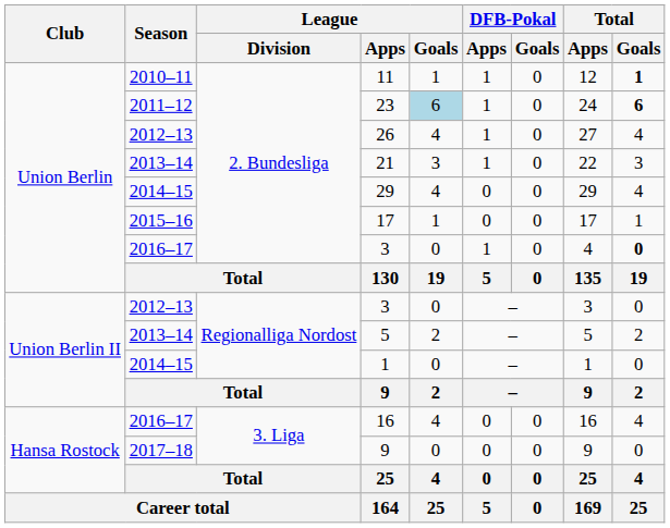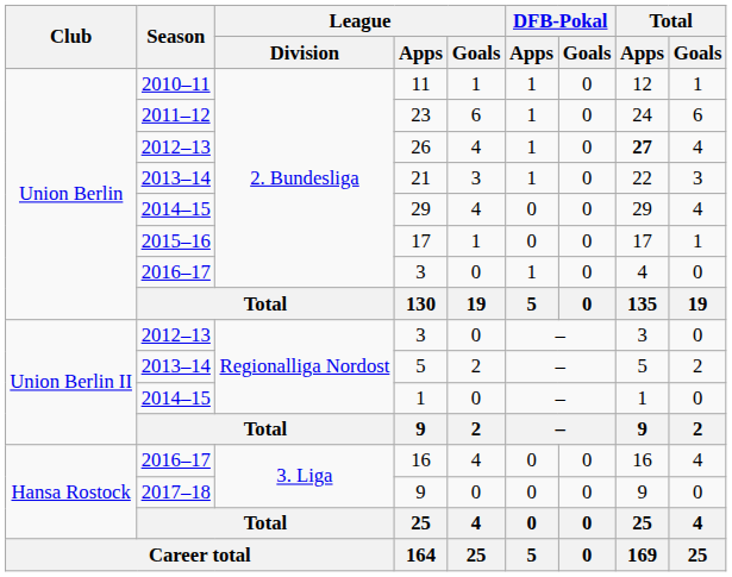 <table class="wikitable" style="text-align:center">
 <tr>
 <th rowspan=2>Club</th>
 <th rowspan=2>Season</th>
 <th colspan=3>League</th>
 <th colspan=2><a href='#'>DFB-Pokal</a></th>
 <th colspan=2>Total</th>
 </tr>
 <tr>
 <th>Division</th>
 <th>Apps</th>
 <th>Goals</th>
 <th>Apps</th>
 <th>Goals</th>
 <th>Apps</th>
 <th>Goals</th>
 </tr>
 <tr>
 <td rowspan="8"><a href='#'>Union Berlin</a></td>
 <td><a href='#'>2010–11</a></td>
 <td rowspan="7"><a href='#'>2. Bundesliga</a></td>
 <td>11</td>
 <td>1</td>
 <td>1</td>
 <td>0</td>
 <td>12</td>
-<td><strong>1</strong></td>
+<td>1</td>
 </tr>
 <tr>
 <td><a href='#'>2011–12</a></td>
 <td>23</td>
-<td style="background: lightblue;">6</td>
+<td>6</td>
 <td>1</td>
 <td>0</td>
 <td>24</td>
-<td><strong>6</strong></td>
+<td>6</td>
 </tr>
 <tr>
 <td><a href='#'>2012–13</a></td>
 <td>26</td>
 <td>4</td>
 <td>1</td>
 <td>0</td>
-<td>27</td>
+<td><strong>27</strong></td>
 <td>4</td>
 </tr>
 <tr>
 <td><a href='#'>2013–14</a></td>
 <td>21</td>
 <td>3</td>
 <td>1</td>
 <td>0</td>
 <td>22</td>
 <td>3</td>
 </tr>
 <tr>
 <td><a href='#'>2014–15</a></td>
 <td>29</td>
 <td>4</td>
 <td>0</td>
 <td>0</td>
 <td>29</td>
 <td>4</td>
 </tr>
 <tr>
 <td><a href='#'>2015–16</a></td>
 <td>17</td>
 <td>1</td>
 <td>0</td>
 <td>0</td>
 <td>17</td>
 <td>1</td>
 </tr>
 <tr>
 <td><a href='#'>2016–17</a></td>
 <td>3</td>
 <td>0</td>
 <td>1</td>
 <td>0</td>
 <td>4</td>
-<td><strong>0</strong></td>
+<td>0</td>
 </tr>
 <tr>
 <th colspan="2">Total</th>
 <th>130</th>
 <th>19</th>
 <th>5</th>
 <th>0</th>
 <th>135</th>
 <th>19</th>
 </tr>
 <tr>
 <td rowspan="4"><a href='#'>Union Berlin II</a></td>
 <td><a href='#'>2012–13</a></td>
 <td rowspan="3"><a href='#'>Regionalliga Nordost</a></td>
 <td>3</td>
 <td>0</td>
 <td colspan="2">–</td>
 <td>3</td>
 <td>0</td>
 </tr>
 <tr>
 <td><a href='#'>2013–14</a></td>
 <td>5</td>
 <td>2</td>
 <td colspan="2">–</td>
 <td>5</td>
 <td>2</td>
 </tr>
 <tr>
 <td><a href='#'>2014–15</a></td>
 <td>1</td>
 <td>0</td>
 <td colspan="2">–</td>
 <td>1</td>
 <td>0</td>
 </tr>
 <tr>
 <th colspan="2">Total</th>
 <th>9</th>
 <th>2</th>
 <th colspan="2">–</th>
 <th>9</th>
 <th>2</th>
 </tr>
 <tr>
 <td rowspan="3"><a href='#'>Hansa Rostock</a></td>
 <td><a href='#'>2016–17</a></td>
 <td rowspan="2"><a href='#'>3. Liga</a></td>
 <td>16</td>
 <td>4</td>
 <td>0</td>
 <td>0</td>
 <td>16</td>
 <td>4</td>
 </tr>
 <tr>
 <td><a href='#'>2017–18</a></td>
 <td>9</td>
 <td>0</td>
 <td>0</td>
 <td>0</td>
 <td>9</td>
 <td>0</td>
 </tr>
 <tr>
 <th colspan="2">Total</th>
 <th>25</th>
 <th>4</th>
 <th>0</th>
 <th>0</th>
 <th>25</th>
 <th>4</th>
 </tr>
 <tr>
 <th colspan="3">Career total</th>
 <th>164</th>
 <th>25</th>
 <th>5</th>
 <th>0</th>
 <th>169</th>
 <th>25</th>
 </tr>
 </table>
